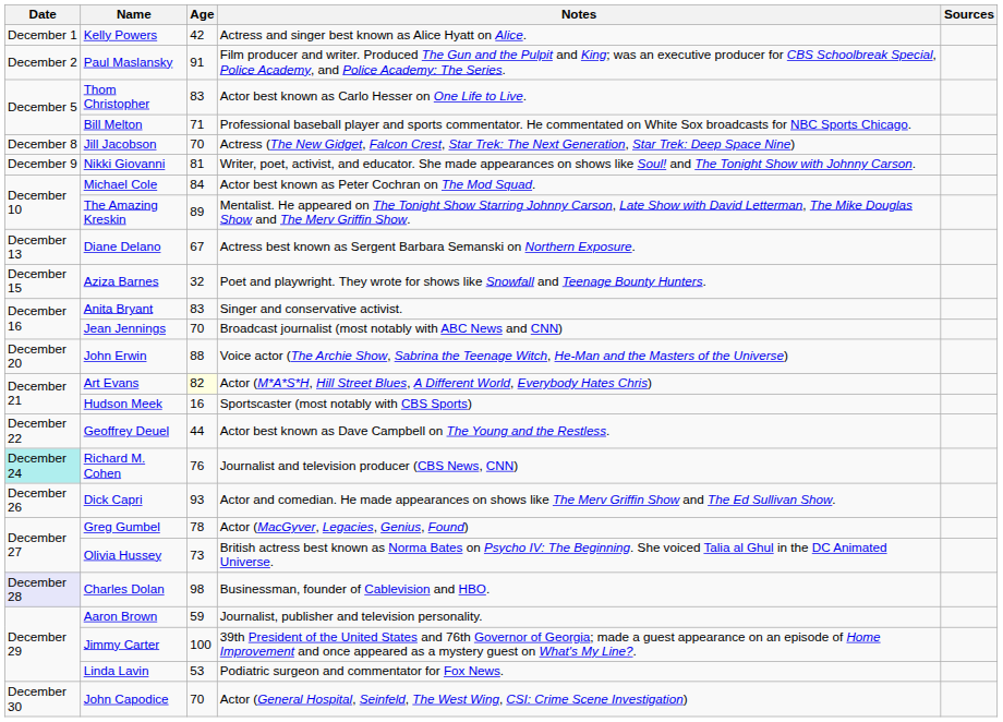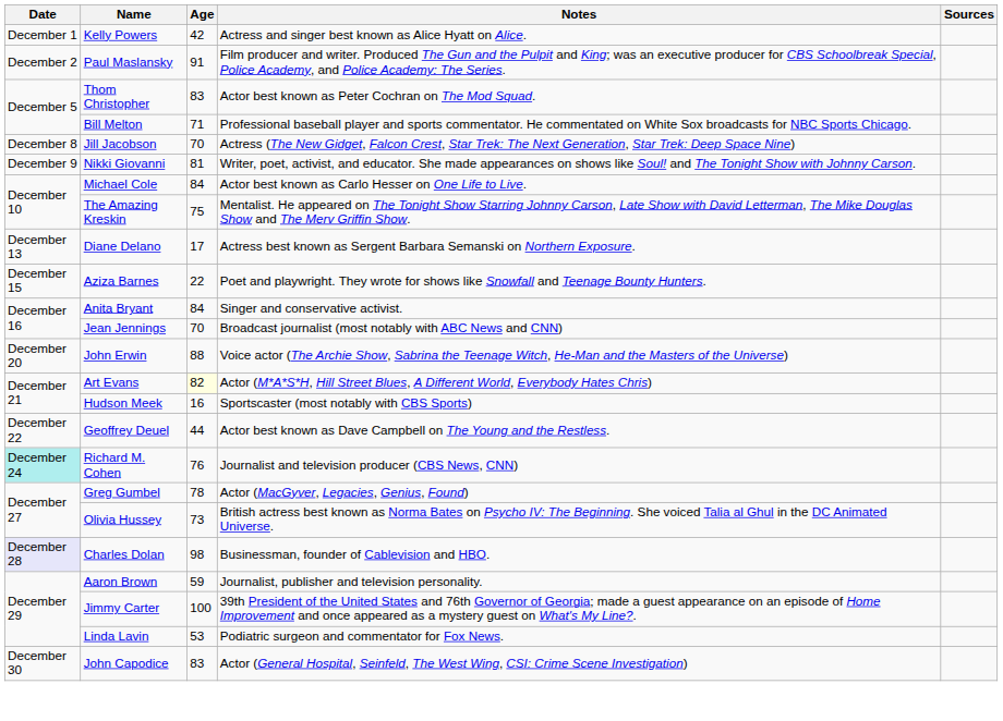 <table class="wikitable sortable">
 <tr>
 <th>Date</th>
 <th>Name</th>
 <th>Age</th>
 <th>Notes</th>
 <th>Sources</th>
 </tr>
 <tr>
 <td>December 1</td>
 <td><a href='#'>Kelly Powers</a></td>
 <td>42</td>
 <td>Actress and singer best known as Alice Hyatt on <em><a href='#'>Alice</a></em>.</td>
 <td></td>
 </tr>
 <tr>
 <td>December 2</td>
 <td><a href='#'>Paul Maslansky</a></td>
 <td>91</td>
 <td>Film producer and writer. Produced <em><a href='#'>The Gun and the Pulpit</a></em> and <em><a href='#'>King</a></em>; was an executive producer for <em><a href='#'>CBS Schoolbreak Special</a></em>, <em><a href='#'>Police Academy</a></em>, and <em><a href='#'>Police Academy: The Series</a></em>.</td>
 <td></td>
 </tr>
 <tr>
 <td rowspan="2">December 5</td>
 <td><a href='#'>Thom Christopher</a></td>
 <td>83</td>
-<td>Actor best known as Carlo Hesser on <em><a href='#'>One Life to Live</a></em>.</td>
+<td>Actor best known as Peter Cochran on <em><a href='#'>The Mod Squad</a></em>.</td>
 <td></td>
 </tr>
 <tr>
 <td><a href='#'>Bill Melton</a></td>
 <td>71</td>
 <td>Professional baseball player and sports commentator. He commentated on White Sox broadcasts for <a href='#'>NBC Sports Chicago</a>.</td>
 <td></td>
 </tr>
 <tr>
 <td>December 8</td>
 <td><a href='#'>Jill Jacobson</a></td>
 <td>70</td>
 <td>Actress (<em><a href='#'>The New Gidget</a></em>, <em><a href='#'>Falcon Crest</a></em>, <em><a href='#'>Star Trek: The Next Generation</a></em>, <em><a href='#'>Star Trek: Deep Space Nine</a></em>)</td>
 <td></td>
 </tr>
 <tr>
 <td>December 9</td>
 <td><a href='#'>Nikki Giovanni</a></td>
 <td>81</td>
 <td>Writer, poet, activist, and educator. She made appearances on shows like <em><a href='#'>Soul!</a></em> and <em><a href='#'>The Tonight Show with Johnny Carson</a></em>.</td>
 <td></td>
 </tr>
 <tr>
 <td rowspan="2">December 10</td>
 <td><a href='#'>Michael Cole</a></td>
 <td>84</td>
-<td>Actor best known as Peter Cochran on <em><a href='#'>The Mod Squad</a></em>.</td>
+<td>Actor best known as Carlo Hesser on <em><a href='#'>One Life to Live</a></em>.</td>
 <td></td>
 </tr>
 <tr>
 <td><a href='#'>The Amazing Kreskin</a></td>
-<td>89</td>
+<td>75</td>
 <td>Mentalist. He appeared on <em><a href='#'>The Tonight Show Starring Johnny Carson</a></em>, <em><a href='#'>Late Show with David Letterman</a></em>, <em><a href='#'>The Mike Douglas Show</a></em> and <em><a href='#'>The Merv Griffin Show</a></em>.</td>
 <td></td>
 </tr>
 <tr>
 <td>December 13</td>
 <td><a href='#'>Diane Delano</a></td>
-<td>67</td>
+<td>17</td>
 <td>Actress best known as Sergent Barbara Semanski on <em><a href='#'>Northern Exposure</a></em>.</td>
 <td></td>
 </tr>
 <tr>
 <td>December 15</td>
 <td><a href='#'>Aziza Barnes</a></td>
-<td>32</td>
+<td>22</td>
 <td>Poet and playwright. They wrote for shows like <em><a href='#'>Snowfall</a></em> and <em><a href='#'>Teenage Bounty Hunters</a></em>.</td>
 <td></td>
 </tr>
 <tr>
 <td rowspan=2>December 16</td>
 <td><a href='#'>Anita Bryant</a></td>
-<td>83</td>
+<td>84</td>
 <td>Singer and conservative activist.</td>
 <td></td>
 </tr>
 <tr>
 <td><a href='#'>Jean Jennings</a></td>
 <td>70</td>
 <td>Broadcast journalist (most notably with <a href='#'>ABC News</a> and <a href='#'>CNN</a>)</td>
 <td></td>
 </tr>
 <tr>
 <td>December 20</td>
 <td><a href='#'>John Erwin</a></td>
 <td>88</td>
 <td>Voice actor (<em><a href='#'>The Archie Show</a></em>, <em><a href='#'>Sabrina the Teenage Witch</a></em>, <em><a href='#'>He-Man and the Masters of the Universe</a></em>)</td>
 <td></td>
 </tr>
 <tr>
 <td rowspan="2">December 21</td>
 <td><a href='#'>Art Evans</a></td>
 <td style="background: lightyellow;">82</td>
 <td>Actor (<em><a href='#'>M*A*S*H</a></em>, <em><a href='#'>Hill Street Blues</a></em>, <em><a href='#'>A Different World</a></em>, <em><a href='#'>Everybody Hates Chris</a></em>)</td>
 <td></td>
 </tr>
 <tr>
 <td><a href='#'>Hudson Meek</a></td>
 <td>16</td>
 <td>Sportscaster (most notably with <a href='#'>CBS Sports</a>)</td>
 <td></td>
 </tr>
 <tr>
 <td>December 22</td>
 <td><a href='#'>Geoffrey Deuel</a></td>
 <td>44</td>
 <td>Actor best known as Dave Campbell on <em><a href='#'>The Young and the Restless</a></em>.</td>
 <td></td>
 </tr>
 <tr>
 <td style="background: paleturquoise;">December 24</td>
 <td><a href='#'>Richard M. Cohen</a></td>
 <td>76</td>
 <td>Journalist and television producer (<a href='#'>CBS News</a>, <a href='#'>CNN</a>)</td>
 <td></td>
 </tr>
 <tr>
-<td>December 26</td>
-<td><a href='#'>Dick Capri</a></td>
-<td>93</td>
-<td>Actor and comedian. He made appearances on shows like <em><a href='#'>The Merv Griffin Show</a></em> and <em><a href='#'>The Ed Sullivan Show</a></em>.</td>
-<td></td>
-</tr>
-<tr>
 <td rowspan="2">December 27</td>
 <td><a href='#'>Greg Gumbel</a></td>
 <td>78</td>
 <td>Actor (<em><a href='#'>MacGyver</a></em>, <em><a href='#'>Legacies</a></em>, <em><a href='#'>Genius</a></em>, <em><a href='#'>Found</a></em>)</td>
 <td></td>
 </tr>
 <tr>
 <td><a href='#'>Olivia Hussey</a></td>
 <td>73</td>
 <td>British actress best known as <a href='#'>Norma Bates</a> on <em><a href='#'>Psycho IV: The Beginning</a></em>. She voiced <a href='#'>Talia al Ghul</a> in the <a href='#'>DC Animated Universe</a>.</td>
 <td></td>
 </tr>
 <tr>
 <td style="background: lavender;">December 28</td>
 <td><a href='#'>Charles Dolan</a></td>
 <td>98</td>
 <td>Businessman, founder of <a href='#'>Cablevision</a> and <a href='#'>HBO</a>.</td>
 <td></td>
 </tr>
 <tr>
 <td rowspan="3”">December 29</td>
 <td><a href='#'>Aaron Brown</a></td>
 <td>59</td>
 <td>Journalist, publisher and television personality.</td>
 <td></td>
 </tr>
 <tr>
 <td><a href='#'>Jimmy Carter</a></td>
 <td>100</td>
 <td>39th <a href='#'>President of the United States</a> and 76th <a href='#'>Governor of Georgia</a>; made a guest appearance on an episode of <em><a href='#'>Home Improvement</a></em> and  once appeared as a mystery guest on <em><a href='#'>What's My Line?</a></em>.</td>
 <td></td>
 </tr>
 <tr>
 <td><a href='#'>Linda Lavin</a></td>
 <td>53</td>
 <td>Podiatric surgeon and commentator for <a href='#'>Fox News</a>.</td>
 <td></td>
 </tr>
 <tr>
 <td>December 30</td>
 <td><a href='#'>John Capodice</a></td>
-<td>70</td>
+<td>83</td>
 <td>Actor (<em><a href='#'>General Hospital</a></em>, <em><a href='#'>Seinfeld</a></em>, <em><a href='#'>The West Wing</a></em>, <em><a href='#'>CSI: Crime Scene Investigation</a></em>)</td>
 <td></td>
 </tr>
 </table>
